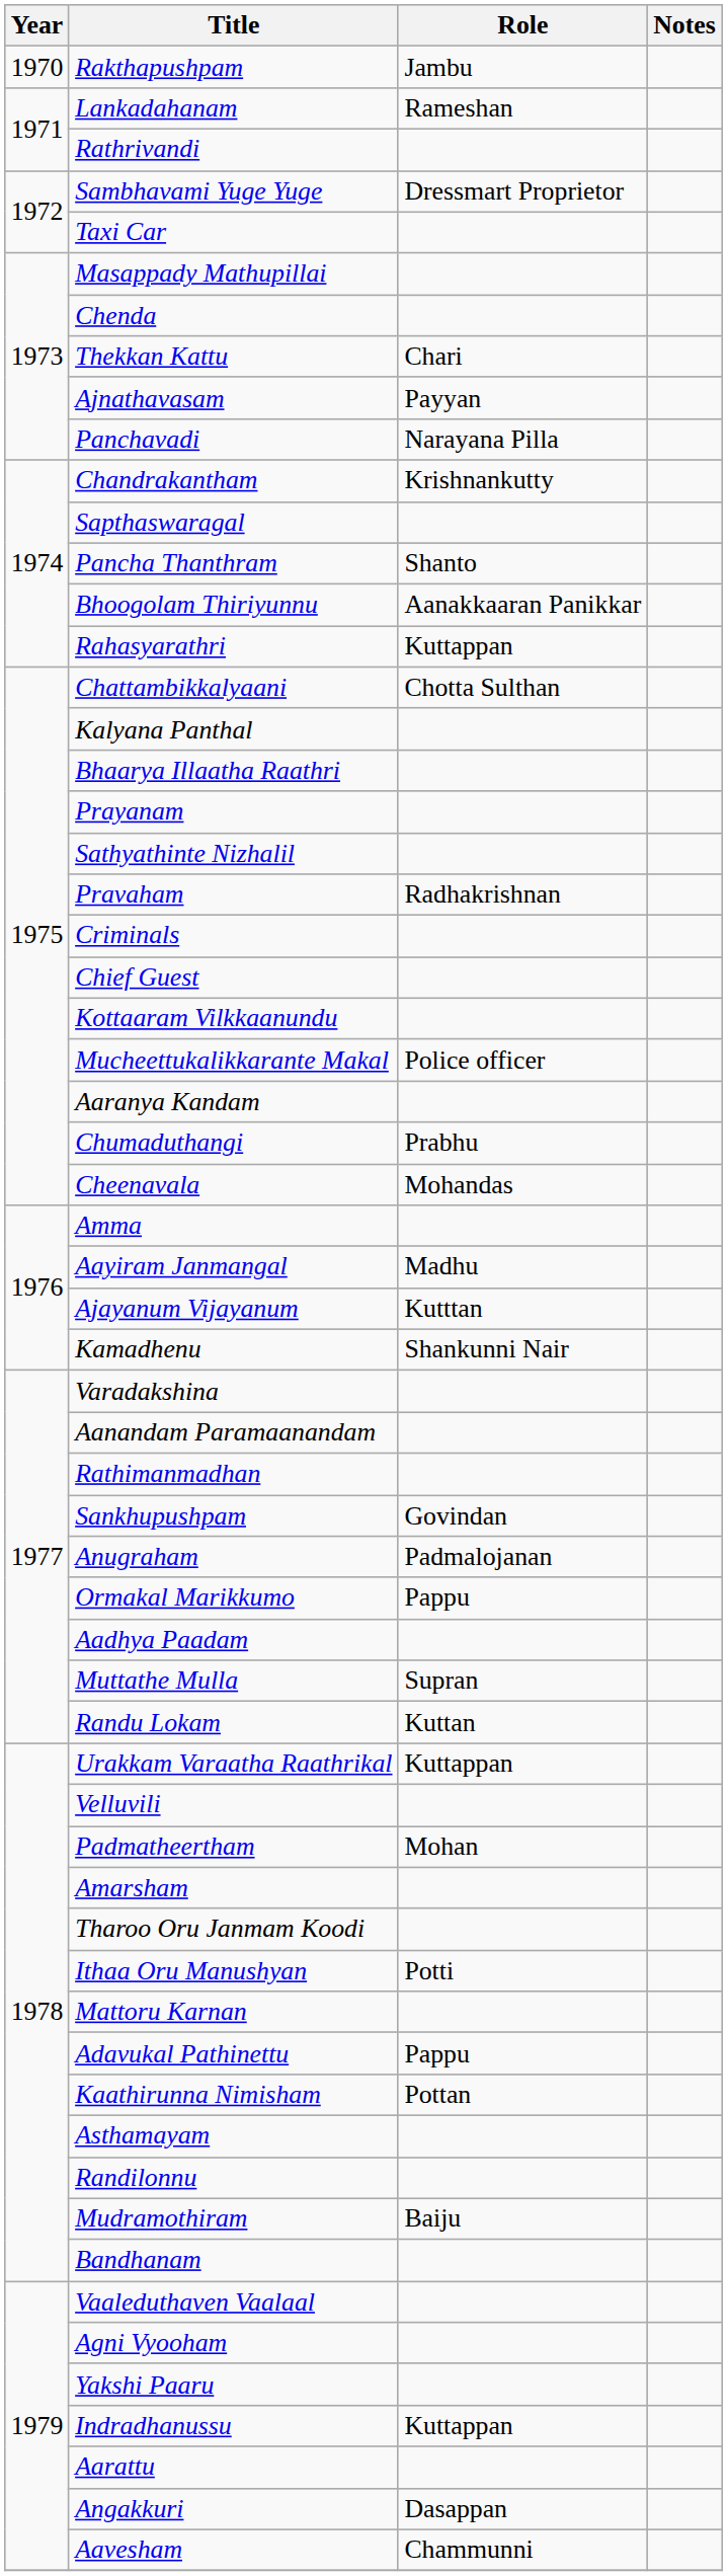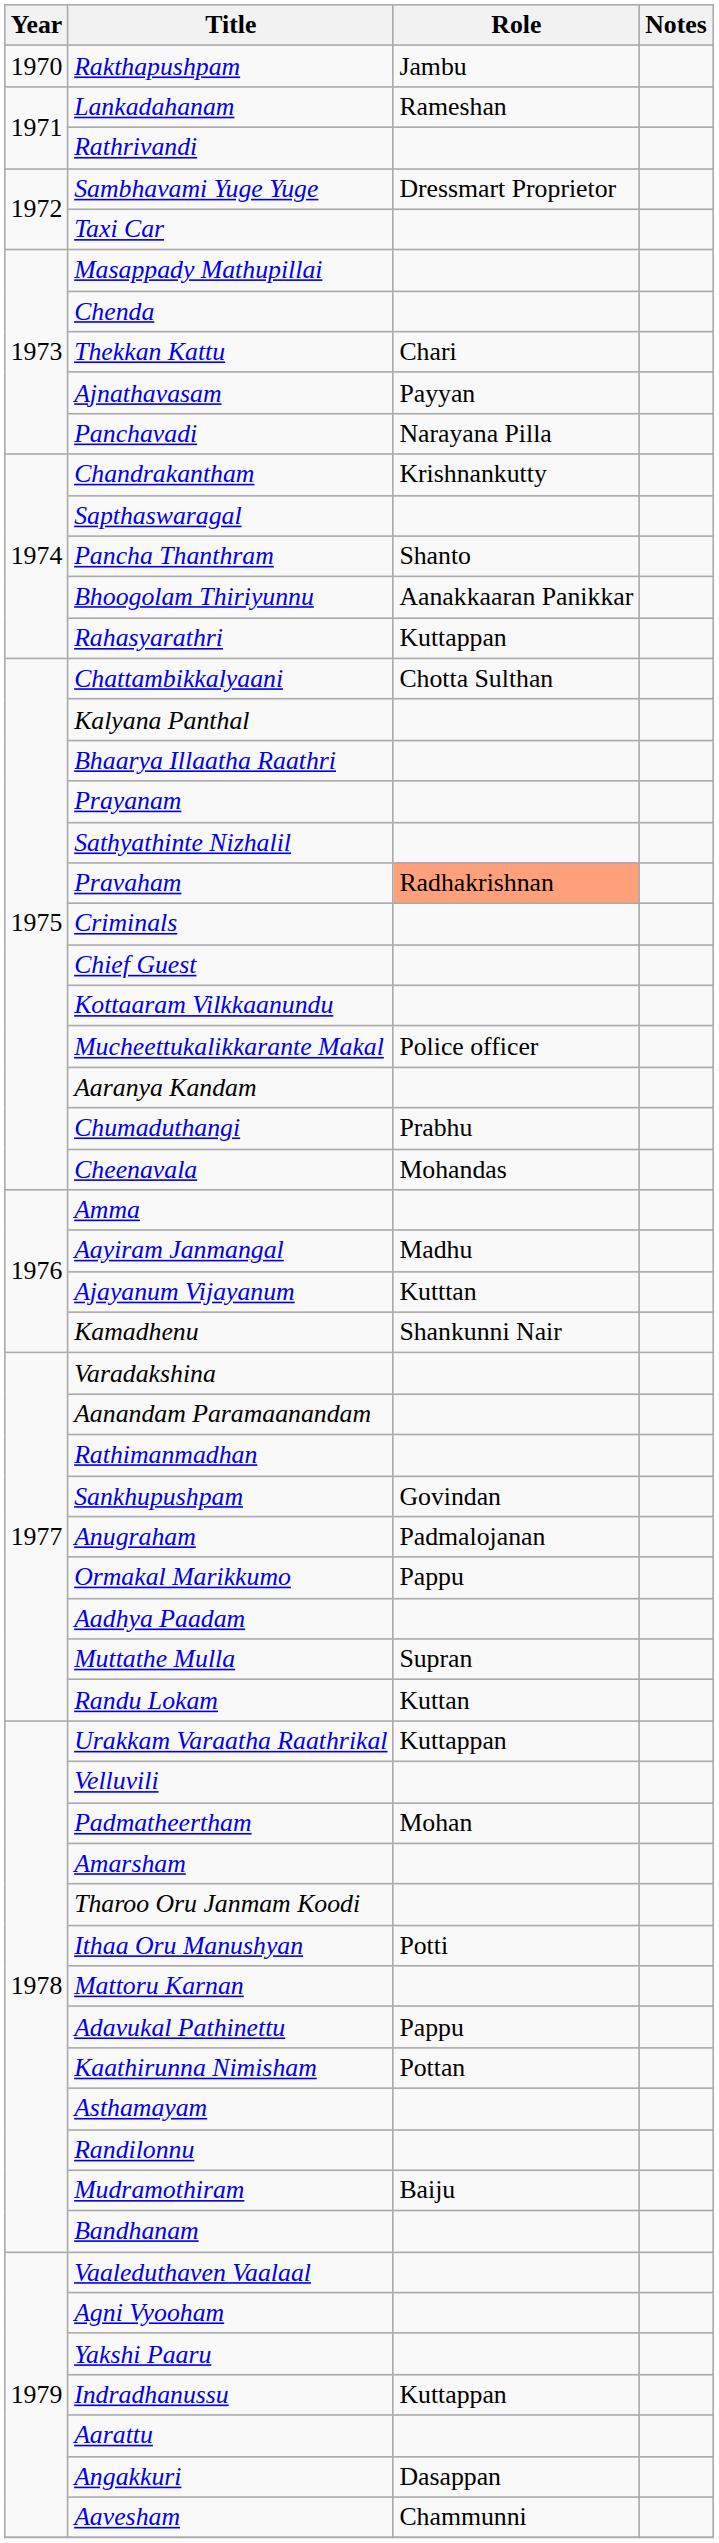 <table class="wikitable sortable">
 <tr>
 <th>Year</th>
 <th>Title</th>
 <th>Role</th>
 <th class="unsortable">Notes</th>
 </tr>
 <tr>
 <td>1970</td>
 <td><em><a href='#'>Rakthapushpam</a></em></td>
 <td>Jambu</td>
 <td></td>
 </tr>
 <tr>
 <td rowspan=2>1971</td>
 <td><em><a href='#'>Lankadahanam</a></em></td>
 <td>Rameshan</td>
 <td></td>
 </tr>
 <tr>
 <td><em><a href='#'>Rathrivandi</a></em></td>
 <td></td>
 <td></td>
 </tr>
 <tr>
 <td rowspan=2>1972</td>
 <td><em><a href='#'>Sambhavami Yuge Yuge</a></em></td>
 <td>Dressmart Proprietor</td>
 <td></td>
 </tr>
 <tr>
 <td><em><a href='#'>Taxi Car</a></em></td>
 <td></td>
 <td></td>
 </tr>
 <tr>
 <td rowspan=5>1973</td>
 <td><em><a href='#'>Masappady Mathupillai</a></em></td>
 <td></td>
 <td></td>
 </tr>
 <tr>
 <td><em><a href='#'>Chenda</a></em></td>
 <td></td>
 <td></td>
 </tr>
 <tr>
 <td><em><a href='#'>Thekkan Kattu</a></em></td>
 <td>Chari</td>
 <td></td>
 </tr>
 <tr>
 <td><em><a href='#'>Ajnathavasam</a></em></td>
 <td>Payyan</td>
 <td></td>
 </tr>
 <tr>
 <td><em><a href='#'>Panchavadi</a></em></td>
 <td>Narayana Pilla</td>
 <td></td>
 </tr>
 <tr>
 <td rowspan=5>1974</td>
 <td><em><a href='#'>Chandrakantham</a></em></td>
 <td>Krishnankutty</td>
 <td></td>
 </tr>
 <tr>
 <td><em><a href='#'>Sapthaswaragal</a></em></td>
 <td></td>
 <td></td>
 </tr>
 <tr>
 <td><em><a href='#'>Pancha Thanthram</a></em></td>
 <td>Shanto</td>
 <td></td>
 </tr>
 <tr>
 <td><em><a href='#'>Bhoogolam Thiriyunnu</a></em></td>
 <td>Aanakkaaran Panikkar</td>
 <td></td>
 </tr>
 <tr>
 <td><em><a href='#'>Rahasyarathri</a></em></td>
 <td>Kuttappan</td>
 <td></td>
 </tr>
 <tr>
 <td rowspan=13>1975</td>
 <td><em><a href='#'>Chattambikkalyaani</a></em></td>
 <td>Chotta Sulthan</td>
 <td></td>
 </tr>
 <tr>
 <td><em>Kalyana Panthal</em></td>
 <td></td>
 <td></td>
 </tr>
 <tr>
 <td><em><a href='#'>Bhaarya Illaatha Raathri</a></em></td>
 <td></td>
 <td></td>
 </tr>
 <tr>
 <td><em><a href='#'>Prayanam</a></em></td>
 <td></td>
 <td></td>
 </tr>
 <tr>
 <td><em><a href='#'>Sathyathinte Nizhalil</a></em></td>
 <td></td>
 <td></td>
 </tr>
 <tr>
 <td><em><a href='#'>Pravaham</a></em></td>
-<td>Radhakrishnan</td>
+<td style="background: lightsalmon;">Radhakrishnan</td>
 <td></td>
 </tr>
 <tr>
 <td><em><a href='#'>Criminals</a></em></td>
 <td></td>
 <td></td>
 </tr>
 <tr>
 <td><em><a href='#'>Chief Guest</a></em></td>
 <td></td>
 <td></td>
 </tr>
 <tr>
 <td><em><a href='#'>Kottaaram Vilkkaanundu</a></em></td>
 <td></td>
 <td></td>
 </tr>
 <tr>
 <td><em><a href='#'>Mucheettukalikkarante Makal</a></em></td>
 <td>Police officer</td>
 <td></td>
 </tr>
 <tr>
 <td><em>Aaranya Kandam</em></td>
 <td></td>
 <td></td>
 </tr>
 <tr>
 <td><em><a href='#'>Chumaduthangi</a></em></td>
 <td>Prabhu</td>
 <td></td>
 </tr>
 <tr>
 <td><em><a href='#'>Cheenavala</a></em></td>
 <td>Mohandas</td>
 <td></td>
 </tr>
 <tr>
 <td rowspan=4>1976</td>
 <td><em><a href='#'>Amma</a></em></td>
 <td></td>
 <td></td>
 </tr>
 <tr>
 <td><em><a href='#'>Aayiram Janmangal</a></em></td>
 <td>Madhu</td>
 <td></td>
 </tr>
 <tr>
 <td><em><a href='#'>Ajayanum Vijayanum</a></em></td>
 <td>Kutttan</td>
 <td></td>
 </tr>
 <tr>
 <td><em>Kamadhenu</em></td>
 <td>Shankunni Nair</td>
 <td></td>
 </tr>
 <tr>
 <td rowspan=9>1977</td>
 <td><em>Varadakshina</em></td>
 <td></td>
 <td></td>
 </tr>
 <tr>
 <td><em>Aanandam Paramaanandam</em></td>
 <td></td>
 <td></td>
 </tr>
 <tr>
 <td><em><a href='#'>Rathimanmadhan</a></em></td>
 <td></td>
 <td></td>
 </tr>
 <tr>
 <td><em><a href='#'>Sankhupushpam</a></em></td>
 <td>Govindan</td>
 <td></td>
 </tr>
 <tr>
 <td><em><a href='#'>Anugraham</a></em></td>
 <td>Padmalojanan</td>
 <td></td>
 </tr>
 <tr>
 <td><em><a href='#'>Ormakal Marikkumo</a></em></td>
 <td>Pappu</td>
 <td></td>
 </tr>
 <tr>
 <td><em><a href='#'>Aadhya Paadam</a></em></td>
 <td></td>
 <td></td>
 </tr>
 <tr>
 <td><em><a href='#'>Muttathe Mulla</a></em></td>
 <td>Supran</td>
 <td></td>
 </tr>
 <tr>
 <td><em><a href='#'>Randu Lokam</a></em></td>
 <td>Kuttan</td>
 <td></td>
 </tr>
 <tr>
 <td rowspan=13>1978</td>
 <td><em><a href='#'>Urakkam Varaatha Raathrikal</a></em></td>
 <td>Kuttappan</td>
 <td></td>
 </tr>
 <tr>
 <td><em><a href='#'>Velluvili</a></em></td>
 <td></td>
 <td></td>
 </tr>
 <tr>
 <td><em><a href='#'>Padmatheertham</a></em></td>
 <td>Mohan</td>
 <td></td>
 </tr>
 <tr>
 <td><em><a href='#'>Amarsham</a></em></td>
 <td></td>
 <td></td>
 </tr>
 <tr>
 <td><em>Tharoo Oru Janmam Koodi</em></td>
 <td></td>
 <td></td>
 </tr>
 <tr>
 <td><em><a href='#'>Ithaa Oru Manushyan</a></em></td>
 <td>Potti</td>
 <td></td>
 </tr>
 <tr>
 <td><em><a href='#'>Mattoru Karnan</a></em></td>
 <td></td>
 <td></td>
 </tr>
 <tr>
 <td><em><a href='#'>Adavukal Pathinettu</a></em></td>
 <td>Pappu</td>
 <td></td>
 </tr>
 <tr>
 <td><em><a href='#'>Kaathirunna Nimisham</a></em></td>
 <td>Pottan</td>
 <td></td>
 </tr>
 <tr>
 <td><em><a href='#'>Asthamayam</a></em></td>
 <td></td>
 <td></td>
 </tr>
 <tr>
 <td><em><a href='#'>Randilonnu</a></em></td>
 <td></td>
 <td></td>
 </tr>
 <tr>
 <td><em><a href='#'>Mudramothiram</a></em></td>
 <td>Baiju</td>
 <td></td>
 </tr>
 <tr>
 <td><em><a href='#'>Bandhanam</a></em></td>
 <td></td>
 <td></td>
 </tr>
 <tr>
 <td rowspan=7>1979</td>
 <td><em><a href='#'>Vaaleduthaven Vaalaal</a></em></td>
 <td></td>
 <td></td>
 </tr>
 <tr>
 <td><em><a href='#'>Agni Vyooham</a></em></td>
 <td></td>
 <td></td>
 </tr>
 <tr>
 <td><em><a href='#'>Yakshi Paaru</a></em></td>
 <td></td>
 <td></td>
 </tr>
 <tr>
 <td><em><a href='#'>Indradhanussu</a></em></td>
 <td>Kuttappan</td>
 <td></td>
 </tr>
 <tr>
 <td><em><a href='#'>Aarattu</a></em></td>
 <td></td>
 <td></td>
 </tr>
 <tr>
 <td><em><a href='#'>Angakkuri</a></em></td>
 <td>Dasappan</td>
 <td></td>
 </tr>
 <tr>
 <td><em><a href='#'>Aavesham</a></em></td>
 <td>Chammunni</td>
 <td></td>
 </tr>
 <tr>
 </tr>
 </table>
